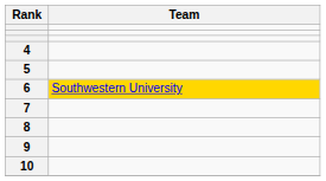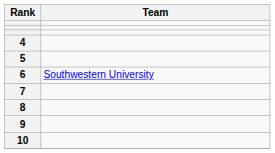 <table class="wikitable" style="text-align: center;">
 <tr>
 <th width=50>Rank</th>
 <th width=350>Team</th>
 </tr>
 <tr>
 <th></th>
 <td style="text-align:left;"></td>
 </tr>
 <tr>
 <th></th>
 <td style="text-align:left;"></td>
 </tr>
 <tr>
 <th></th>
 <td style="text-align:left;"></td>
 </tr>
 <tr>
 <th>4</th>
 <td style="text-align:left;"></td>
 </tr>
 <tr>
 <th>5</th>
 <td style="text-align:left;"></td>
 </tr>
 <tr>
 <th>6</th>
-<td style="background: gold; text-align:left;"> <a href='#'>Southwestern University</a></td>
+<td style="text-align:left;"> <a href='#'>Southwestern University</a></td>
 </tr>
 <tr>
 <th>7</th>
 <td style="text-align:left;"></td>
 </tr>
 <tr>
 <th>8</th>
 <td style="text-align:left;"></td>
 </tr>
 <tr>
 <th>9</th>
 <td style="text-align:left;"></td>
 </tr>
 <tr>
 <th>10</th>
 <td style="text-align:left;"></td>
 </tr>
 <tr>
 </tr>
 </table>
